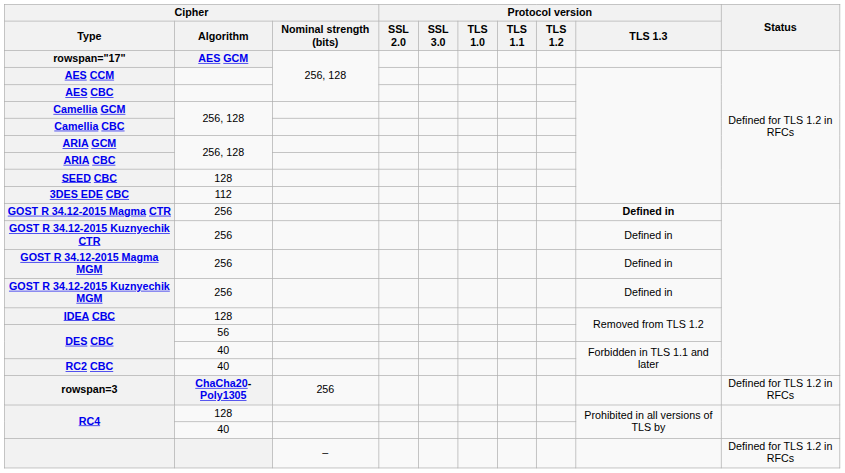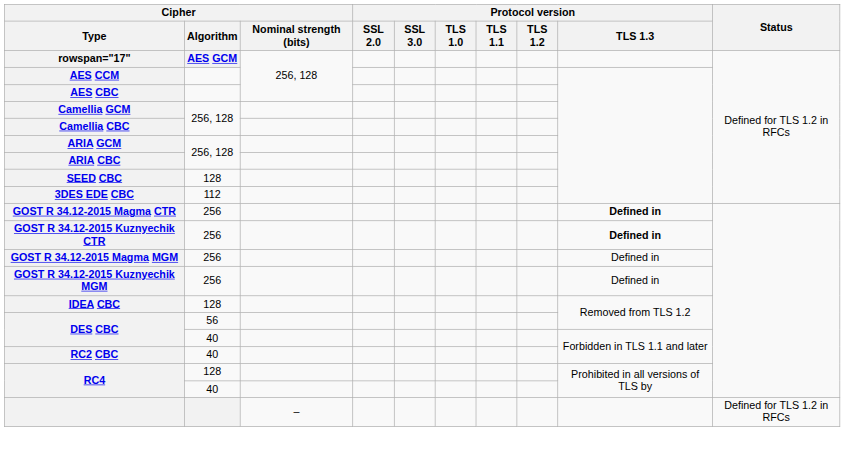 <table class="wikitable sortable sticky-header-multi sort-under" style=text-align:center>
 <tr>
 <th colspan=3>Cipher</th>
 <th colspan=6>Protocol version</th>
 <th rowspan=2>Status</th>
 </tr>
 <tr>
 <th>Type</th>
 <th>Algorithm</th>
 <th>Nominal strength (bits)</th>
 <th>SSL 2.0</th>
 <th>SSL 3.0<br></th>
 <th>TLS 1.0<br></th>
 <th>TLS 1.1<br></th>
 <th>TLS 1.2<br></th>
 <th>TLS 1.3</th>
 </tr>
 <tr>
 <th>rowspan="17" </th>
 <th><a href='#'>AES</a> <a href='#'>GCM</a></th>
 <td rowspan=3>256, 128</td>
 <td></td>
 <td></td>
 <td></td>
 <td></td>
 <td></td>
 <td></td>
 <td rowspan="9">Defined for TLS 1.2 in RFCs</td>
 </tr>
 <tr>
 <th><a href='#'>AES</a> <a href='#'>CCM</a></th>
 <td></td>
 <td></td>
 <td></td>
 <td></td>
 <td></td>
 <td></td>
 </tr>
 <tr>
 <th><a href='#'>AES</a> <a href='#'>CBC</a></th>
 <td></td>
 <td></td>
 <td></td>
 <td></td>
 <td></td>
 <td></td>
 </tr>
 <tr>
 <th><a href='#'>Camellia</a> <a href='#'>GCM</a></th>
 <td rowspan=2>256, 128</td>
 <td></td>
 <td></td>
 <td></td>
 <td></td>
 <td></td>
 <td></td>
 </tr>
 <tr>
 <th><a href='#'>Camellia</a> <a href='#'>CBC</a></th>
 <td></td>
 <td></td>
 <td></td>
 <td></td>
 <td></td>
 <td></td>
 </tr>
 <tr>
 <th><a href='#'>ARIA</a> <a href='#'>GCM</a></th>
 <td rowspan=2>256, 128</td>
 <td></td>
 <td></td>
 <td></td>
 <td></td>
 <td></td>
 <td></td>
 </tr>
 <tr>
 <th><a href='#'>ARIA</a> <a href='#'>CBC</a></th>
 <td></td>
 <td></td>
 <td></td>
 <td></td>
 <td></td>
 <td></td>
 </tr>
 <tr>
 <th><a href='#'>SEED</a> <a href='#'>CBC</a></th>
 <td>128</td>
 <td></td>
 <td></td>
 <td></td>
 <td></td>
 <td></td>
 <td></td>
 </tr>
 <tr>
 <th><a href='#'>3DES EDE</a> <a href='#'>CBC</a></th>
 <td>112</td>
 <td></td>
 <td></td>
 <td></td>
 <td></td>
 <td></td>
 <td></td>
 </tr>
 <tr>
 <th><a href='#'>GOST R 34.12-2015 Magma</a> <a href='#'>CTR</a></th>
 <td>256</td>
 <td></td>
 <td></td>
 <td></td>
 <td></td>
 <td></td>
 <td></td>
 <td><strong>Defined in </strong></td>
 </tr>
 <tr>
 <th><a href='#'>GOST R 34.12-2015 Kuznyechik</a> <a href='#'>CTR</a></th>
 <td>256</td>
 <td></td>
 <td></td>
 <td></td>
 <td></td>
 <td></td>
 <td></td>
-<td>Defined in </td>
+<td><strong>Defined in </strong></td>
 </tr>
 <tr>
 <th><a href='#'>GOST R 34.12-2015 Magma</a> <a href='#'>MGM</a></th>
 <td>256</td>
 <td></td>
 <td></td>
 <td></td>
 <td></td>
 <td></td>
 <td></td>
 <td>Defined in </td>
 </tr>
 <tr>
 <th><a href='#'>GOST R 34.12-2015 Kuznyechik</a> <a href='#'>MGM</a></th>
 <td>256</td>
 <td></td>
 <td></td>
 <td></td>
 <td></td>
 <td></td>
 <td></td>
 <td>Defined in </td>
 </tr>
 <tr>
 <th><a href='#'>IDEA</a> <a href='#'>CBC</a></th>
 <td>128</td>
 <td></td>
 <td></td>
 <td></td>
 <td></td>
 <td></td>
 <td></td>
 <td rowspan="2">Removed from TLS 1.2</td>
 </tr>
 <tr>
 <th rowspan=2><a href='#'>DES</a> <a href='#'>CBC</a></th>
 <td>56</td>
 <td></td>
 <td></td>
 <td></td>
 <td></td>
 <td></td>
 <td></td>
 </tr>
 <tr>
 <td>40</td>
 <td></td>
 <td></td>
 <td></td>
 <td></td>
 <td></td>
 <td></td>
 <td rowspan=2>Forbidden in TLS 1.1 and later</td>
 </tr>
 <tr>
 <th><a href='#'>RC2</a> <a href='#'>CBC</a></th>
 <td>40</td>
 <td></td>
 <td></td>
 <td></td>
 <td></td>
 <td></td>
 <td></td>
 </tr>
 <tr>
-<th>rowspan=3 </th>
-<th><a href='#'>ChaCha20</a>-<a href='#'>Poly1305</a></th>
-<td>256</td>
-<td></td>
-<td></td>
-<td></td>
-<td></td>
-<td></td>
-<td></td>
-<td>Defined for TLS 1.2 in RFCs</td>
-</tr>
-<tr>
 <th rowspan="2"><a href='#'>RC4</a></th>
 <td>128</td>
 <td></td>
 <td></td>
 <td></td>
 <td></td>
 <td></td>
 <td></td>
 <td rowspan="2">Prohibited in all versions of TLS by </td>
 </tr>
 <tr>
 <td>40</td>
 <td></td>
 <td></td>
 <td></td>
 <td></td>
 <td></td>
 <td></td>
 </tr>
 <tr>
 <th></th>
 <th></th>
 <td>–</td>
 <td></td>
 <td></td>
 <td></td>
 <td></td>
 <td></td>
 <td></td>
 <td>Defined for TLS 1.2 in RFCs</td>
 </tr>
 </table>
